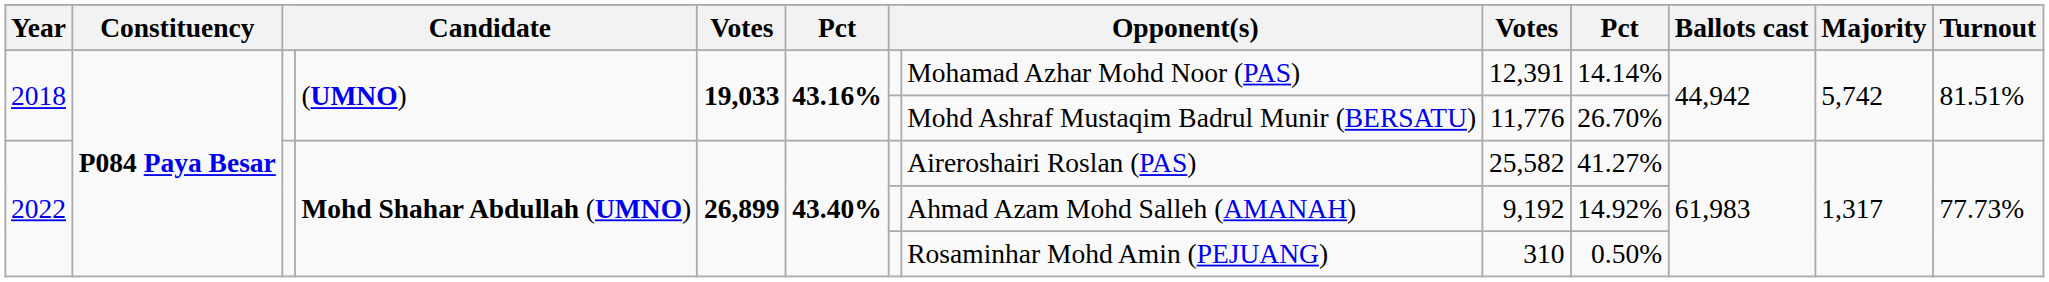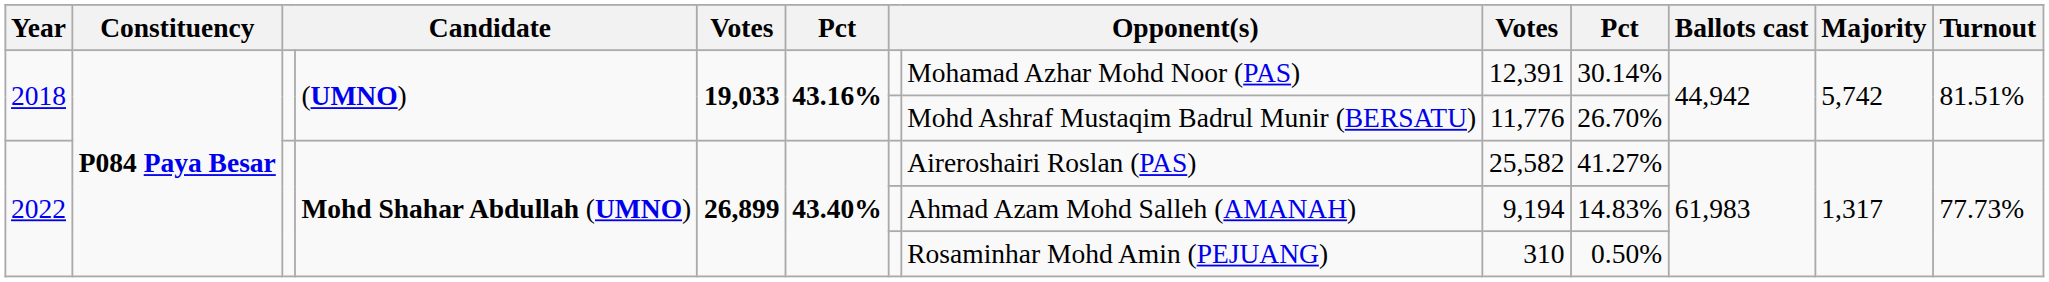 <table class="wikitable" style="margin:0.5em ; font-size:95%">
 <tr>
 <th>Year</th>
 <th>Constituency</th>
 <th colspan=2>Candidate</th>
 <th>Votes</th>
 <th>Pct</th>
 <th colspan=2>Opponent(s)</th>
 <th>Votes</th>
 <th>Pct</th>
 <th>Ballots cast</th>
 <th>Majority</th>
 <th>Turnout</th>
 </tr>
 <tr>
 <td rowspan=2><a href='#'>2018</a></td>
 <td rowspan=5><strong>P084 <a href='#'>Paya Besar</a></strong></td>
 <td rowspan=2 ></td>
 <td rowspan=2> (<a href='#'><strong>UMNO</strong></a>)</td>
 <td rowspan=2 align="right"><strong>19,033</strong></td>
 <td rowspan=2><strong>43.16%</strong></td>
 <td></td>
 <td>Mohamad Azhar Mohd Noor (<a href='#'>PAS</a>)</td>
 <td align="right">12,391</td>
-<td>14.14%</td>
+<td>30.14%</td>
 <td rowspan=2>44,942</td>
 <td rowspan=2>5,742</td>
 <td rowspan=2>81.51%</td>
 </tr>
 <tr>
 <td></td>
 <td>Mohd Ashraf Mustaqim Badrul Munir (<a href='#'>BERSATU</a>)</td>
 <td align="right">11,776</td>
 <td>26.70%</td>
 </tr>
 <tr>
 <td rowspan="3"><a href='#'>2022</a></td>
 <td rowspan="3" ></td>
 <td rowspan="3"><strong>Mohd Shahar Abdullah</strong> (<a href='#'><strong>UMNO</strong></a>)</td>
 <td rowspan="3" align="right"><strong>26,899</strong></td>
 <td rowspan="3"><strong>43.40%</strong></td>
 <td bgcolor=></td>
 <td>Aireroshairi Roslan (<a href='#'>PAS</a>)</td>
 <td align="right">25,582</td>
 <td>41.27%</td>
 <td rowspan="3">61,983</td>
 <td rowspan="3">1,317</td>
 <td rowspan="3">77.73%</td>
 </tr>
 <tr>
 <td></td>
 <td>Ahmad Azam Mohd Salleh (<a href='#'>AMANAH</a>)</td>
-<td align="right">9,192</td>
-<td>14.92%</td>
+<td align="right">9,194</td>
+<td>14.83%</td>
 </tr>
 <tr>
 <td bgcolor=></td>
 <td>Rosaminhar Mohd Amin (<a href='#'>PEJUANG</a>)</td>
 <td align="right">310</td>
 <td align="right">0.50%</td>
 </tr>
 </table>
